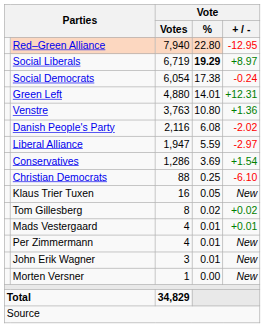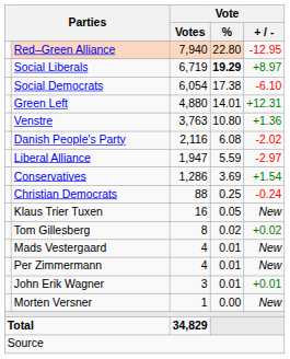 <table class="wikitable" style="text-align:right;">
 <tr>
 <th style="text-align:centre;" rowspan="2" colspan="2" width="225">Parties</th>
 <th colspan="3">Vote</th>
 </tr>
 <tr>
 <th width="15">Votes</th>
 <th width="15">%</th>
 <th width="15">+ / -</th>
 </tr>
 <tr>
 <td width="2" style="color:inherit;background:"></td>
 <td bgcolor=#fcd7c0  align="left"><a href='#'>Red–Green Alliance</a></td>
 <td bgcolor=#fcd7c0>7,940</td>
 <td bgcolor=#fcd7c0>22.80</td>
 <td style=color:red;>-12.95</td>
 </tr>
 <tr>
 <td width="2" style="color:inherit;background:"></td>
 <td align="left"><a href='#'>Social Liberals</a></td>
 <td>6,719</td>
 <td><strong>19.29</strong></td>
 <td style=color:green;>+8.97</td>
 </tr>
 <tr>
 <td width="2" style="color:inherit;background:"></td>
 <td align="left"><a href='#'>Social Democrats</a></td>
 <td>6,054</td>
 <td>17.38</td>
-<td style=color:red;>-0.24</td>
+<td style=color:red;>-6.10</td>
 </tr>
 <tr>
 <td width="2" style="color:inherit;background:"></td>
 <td align="left"><a href='#'>Green Left</a></td>
 <td>4,880</td>
 <td>14.01</td>
 <td style=color:green;>+12.31</td>
 </tr>
 <tr>
 <td width="2" style="color:inherit;background:"></td>
 <td align="left"><a href='#'>Venstre</a></td>
 <td>3,763</td>
 <td>10.80</td>
 <td style=color:green;>+1.36</td>
 </tr>
 <tr>
 <td width="2" style="color:inherit;background:"></td>
 <td align="left"><a href='#'>Danish People's Party</a></td>
 <td>2,116</td>
 <td>6.08</td>
 <td style=color:red;>-2.02</td>
 </tr>
 <tr>
 <td width="2" style="color:inherit;background:"></td>
 <td align="left"><a href='#'>Liberal Alliance</a></td>
 <td>1,947</td>
 <td>5.59</td>
 <td style=color:red;>-2.97</td>
 </tr>
 <tr>
 <td width="2" style="color:inherit;background:"></td>
 <td align="left"><a href='#'>Conservatives</a></td>
 <td>1,286</td>
 <td>3.69</td>
 <td style=color:green;>+1.54</td>
 </tr>
 <tr>
 <td width="2" style="color:inherit;background:"></td>
 <td align="left"><a href='#'>Christian Democrats</a></td>
 <td>88</td>
 <td>0.25</td>
-<td style=color:red;>-6.10</td>
+<td style=color:red;>-0.24</td>
 </tr>
 <tr>
 <td width="2" style="color:inherit;background:"></td>
 <td align="left">Klaus Trier Tuxen</td>
 <td>16</td>
 <td>0.05</td>
 <td><em>New</em></td>
 </tr>
 <tr>
 <td width="2" style="color:inherit;background:"></td>
 <td align="left">Tom Gillesberg</td>
 <td>8</td>
 <td>0.02</td>
 <td style=color:green;>+0.02</td>
 </tr>
 <tr>
 <td width="2" style="color:inherit;background:"></td>
 <td align="left">Mads Vestergaard</td>
 <td>4</td>
 <td>0.01</td>
-<td style=color:green;>+0.01</td>
+<td><em>New</em></td>
 </tr>
 <tr>
 <td width="2" style="color:inherit;background:"></td>
 <td align="left">Per Zimmermann</td>
 <td>4</td>
 <td>0.01</td>
 <td><em>New</em></td>
 </tr>
 <tr>
 <td width="2" style="color:inherit;background:"></td>
 <td align="left">John Erik Wagner</td>
 <td>3</td>
 <td>0.01</td>
-<td><em>New</em></td>
+<td style=color:green;>+0.01</td>
 </tr>
 <tr>
 <td width="2" style="color:inherit;background:"></td>
 <td align="left">Morten Versner</td>
 <td>1</td>
 <td>0.00</td>
 <td><em>New</em></td>
 </tr>
 <tr>
 <td colspan="7" bgcolor="#E9E9E9"></td>
 </tr>
 <tr>
 <td align="left" colspan="2"><strong>Total</strong></td>
 <td><strong>34,829</strong></td>
 <td bgcolor="#E9E9E9" colspan="2"></td>
 </tr>
 <tr>
 <td align="left" colspan="6">Source</td>
 </tr>
 </table>
